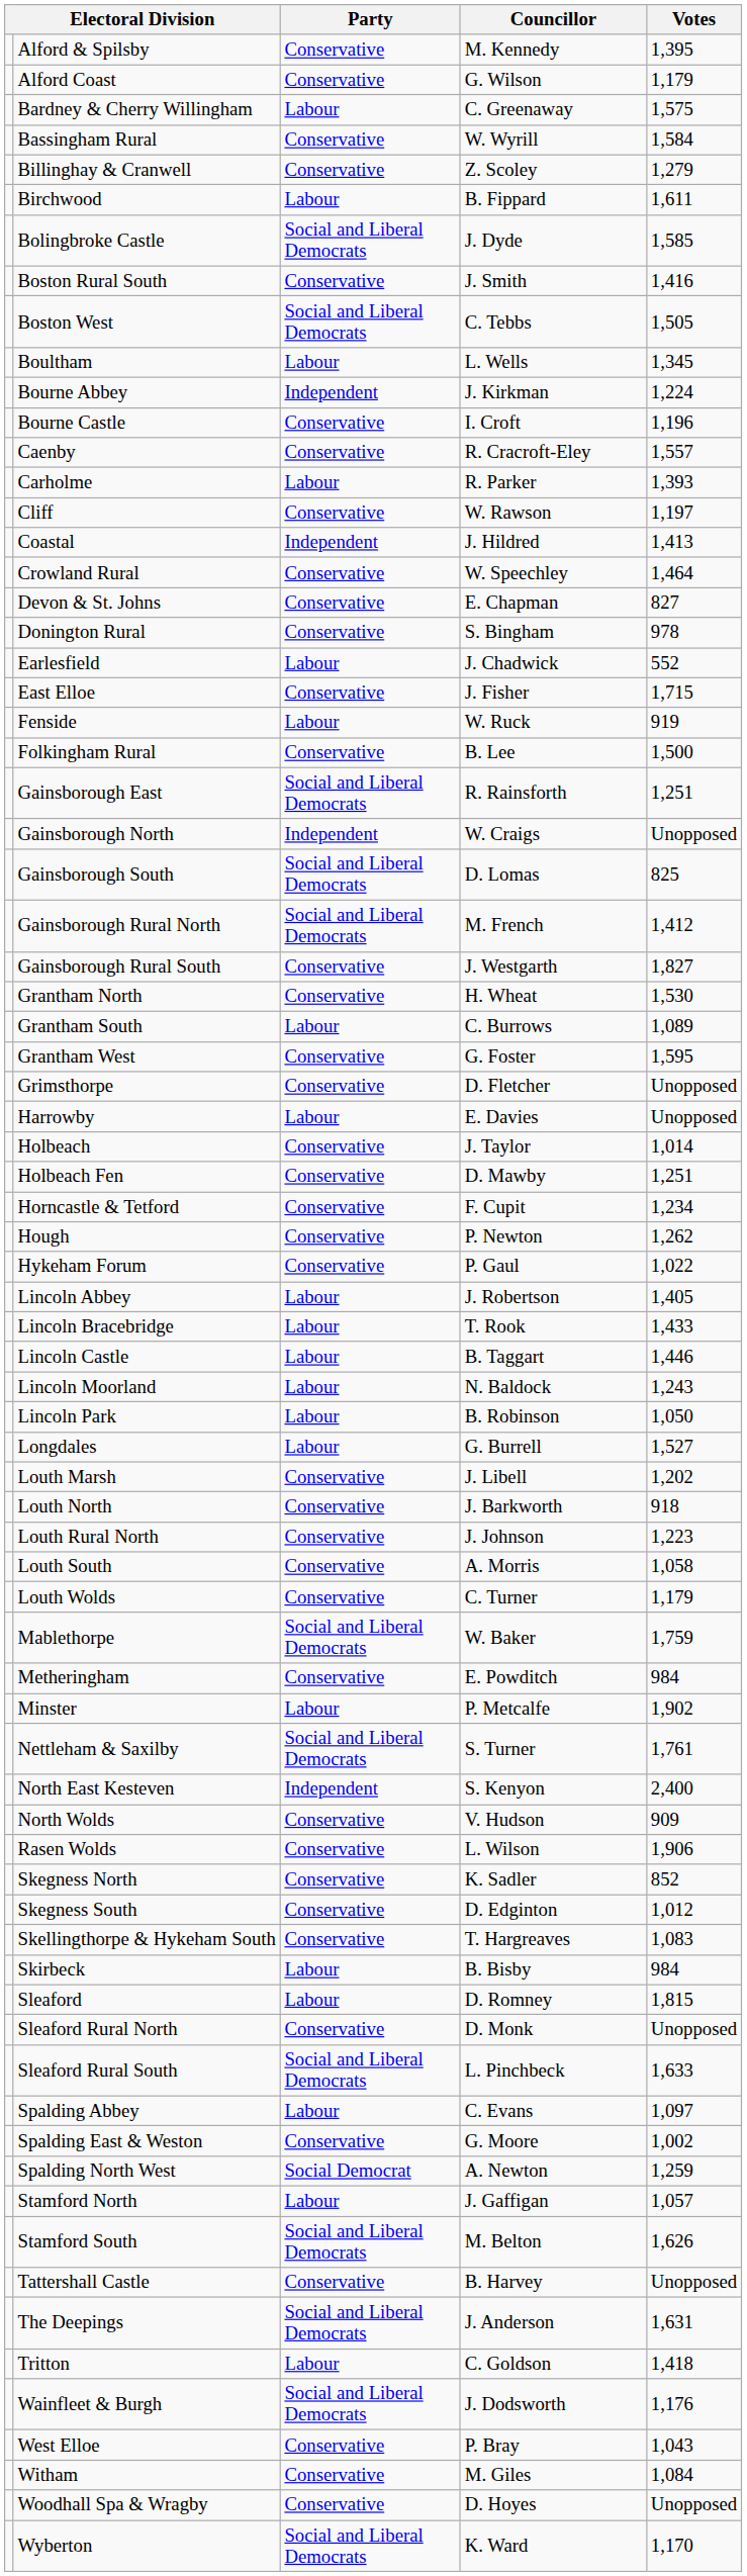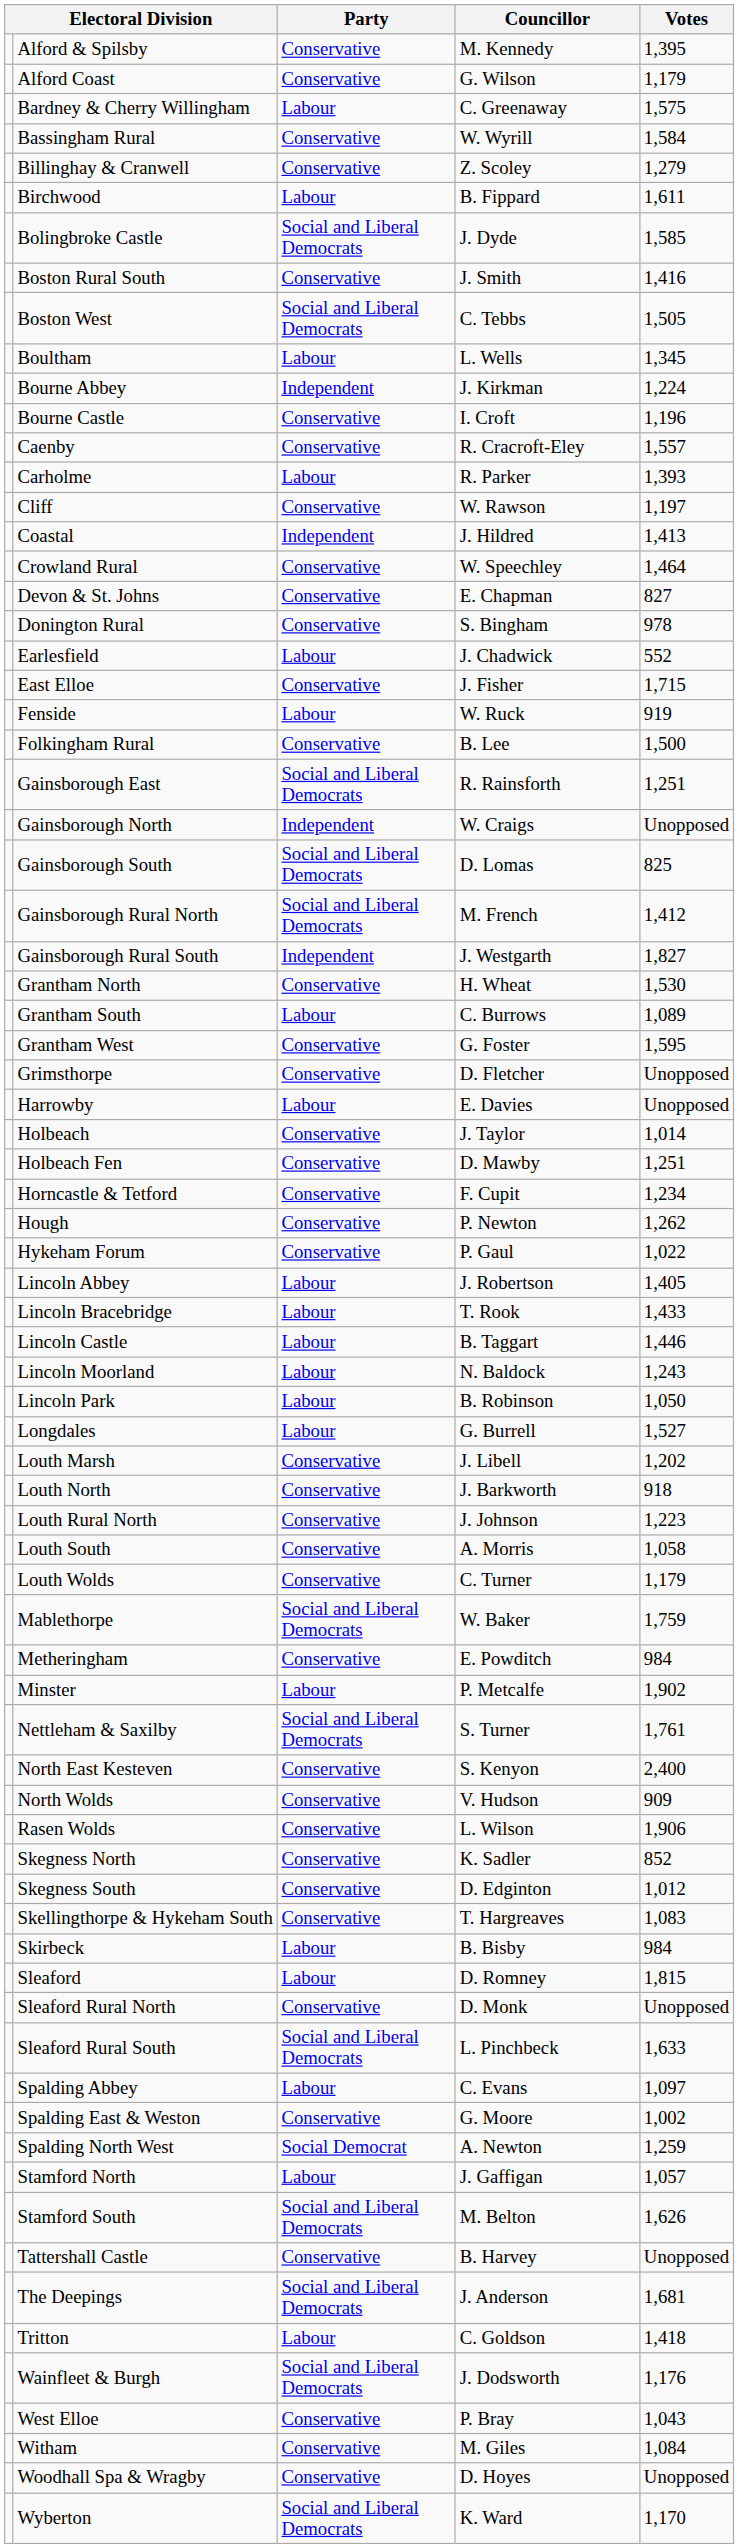 <table class="wikitable">
 <tr>
 <th colspan="2">Electoral Division</th>
 <th width="145px">Party</th>
 <th width="150px">Councillor</th>
 <th width="60px">Votes</th>
 </tr>
 <tr>
 <td style="color:inherit;background:"></td>
 <td>Alford & Spilsby</td>
 <td><a href='#'>Conservative</a></td>
 <td>M. Kennedy</td>
 <td>1,395</td>
 </tr>
 <tr>
 <td style="color:inherit;background:"></td>
 <td>Alford Coast</td>
 <td><a href='#'>Conservative</a></td>
 <td>G. Wilson</td>
 <td>1,179</td>
 </tr>
 <tr>
 <td style="color:inherit;background:"></td>
 <td>Bardney & Cherry Willingham</td>
 <td><a href='#'>Labour</a></td>
 <td>C. Greenaway</td>
 <td>1,575</td>
 </tr>
 <tr>
 <td style="color:inherit;background:"></td>
 <td>Bassingham Rural</td>
 <td><a href='#'>Conservative</a></td>
 <td>W. Wyrill</td>
 <td>1,584</td>
 </tr>
 <tr>
 <td style="color:inherit;background:"></td>
 <td>Billinghay & Cranwell</td>
 <td><a href='#'>Conservative</a></td>
 <td>Z. Scoley</td>
 <td>1,279</td>
 </tr>
 <tr>
 <td style="color:inherit;background:"></td>
 <td>Birchwood</td>
 <td><a href='#'>Labour</a></td>
 <td>B. Fippard</td>
 <td>1,611</td>
 </tr>
 <tr>
 <td style="color:inherit;background:"></td>
 <td>Bolingbroke Castle</td>
 <td><a href='#'>Social and Liberal Democrats</a></td>
 <td>J. Dyde</td>
 <td>1,585</td>
 </tr>
 <tr>
 <td style="color:inherit;background:"></td>
 <td>Boston Rural South</td>
 <td><a href='#'>Conservative</a></td>
 <td>J. Smith</td>
 <td>1,416</td>
 </tr>
 <tr>
 <td style="color:inherit;background:"></td>
 <td>Boston West</td>
 <td><a href='#'>Social and Liberal Democrats</a></td>
 <td>C. Tebbs</td>
 <td>1,505</td>
 </tr>
 <tr>
 <td style="color:inherit;background:"></td>
 <td>Boultham</td>
 <td><a href='#'>Labour</a></td>
 <td>L. Wells</td>
 <td>1,345</td>
 </tr>
 <tr>
 <td style="color:inherit;background:"></td>
 <td>Bourne Abbey</td>
 <td><a href='#'>Independent</a></td>
 <td>J. Kirkman</td>
 <td>1,224</td>
 </tr>
 <tr>
 <td style="color:inherit;background:"></td>
 <td>Bourne Castle</td>
 <td><a href='#'>Conservative</a></td>
 <td>I. Croft</td>
 <td>1,196</td>
 </tr>
 <tr>
 <td style="color:inherit;background:"></td>
 <td>Caenby</td>
 <td><a href='#'>Conservative</a></td>
 <td>R. Cracroft-Eley</td>
 <td>1,557</td>
 </tr>
 <tr>
 <td style="color:inherit;background:"></td>
 <td>Carholme</td>
 <td><a href='#'>Labour</a></td>
 <td>R. Parker</td>
 <td>1,393</td>
 </tr>
 <tr>
 <td style="color:inherit;background:"></td>
 <td>Cliff</td>
 <td><a href='#'>Conservative</a></td>
 <td>W. Rawson</td>
 <td>1,197</td>
 </tr>
 <tr>
 <td style="color:inherit;background:"></td>
 <td>Coastal</td>
 <td><a href='#'>Independent</a></td>
 <td>J. Hildred</td>
 <td>1,413</td>
 </tr>
 <tr>
 <td style="color:inherit;background:"></td>
 <td>Crowland Rural</td>
 <td><a href='#'>Conservative</a></td>
 <td>W. Speechley</td>
 <td>1,464</td>
 </tr>
 <tr>
 <td style="color:inherit;background:"></td>
 <td>Devon & St. Johns</td>
 <td><a href='#'>Conservative</a></td>
 <td>E. Chapman</td>
 <td>827</td>
 </tr>
 <tr>
 <td style="color:inherit;background:"></td>
 <td>Donington Rural</td>
 <td><a href='#'>Conservative</a></td>
 <td>S. Bingham</td>
 <td>978</td>
 </tr>
 <tr>
 <td style="color:inherit;background:"></td>
 <td>Earlesfield</td>
 <td><a href='#'>Labour</a></td>
 <td>J. Chadwick</td>
 <td>552</td>
 </tr>
 <tr>
 <td style="color:inherit;background:"></td>
 <td>East Elloe</td>
 <td><a href='#'>Conservative</a></td>
 <td>J. Fisher</td>
 <td>1,715</td>
 </tr>
 <tr>
 <td style="color:inherit;background:"></td>
 <td>Fenside</td>
 <td><a href='#'>Labour</a></td>
 <td>W. Ruck</td>
 <td>919</td>
 </tr>
 <tr>
 <td style="color:inherit;background:"></td>
 <td>Folkingham Rural</td>
 <td><a href='#'>Conservative</a></td>
 <td>B. Lee</td>
 <td>1,500</td>
 </tr>
 <tr>
 <td style="color:inherit;background:"></td>
 <td>Gainsborough East</td>
 <td><a href='#'>Social and Liberal Democrats</a></td>
 <td>R. Rainsforth</td>
 <td>1,251</td>
 </tr>
 <tr>
 <td style="color:inherit;background:"></td>
 <td>Gainsborough North</td>
 <td><a href='#'>Independent</a></td>
 <td>W. Craigs</td>
 <td>Unopposed</td>
 </tr>
 <tr>
 <td style="color:inherit;background:"></td>
 <td>Gainsborough South</td>
 <td><a href='#'>Social and Liberal Democrats</a></td>
 <td>D. Lomas</td>
 <td>825</td>
 </tr>
 <tr>
 <td style="color:inherit;background:"></td>
 <td>Gainsborough Rural North</td>
 <td><a href='#'>Social and Liberal Democrats</a></td>
 <td>M. French</td>
 <td>1,412</td>
 </tr>
 <tr>
 <td style="color:inherit;background:"></td>
 <td>Gainsborough Rural South</td>
-<td><a href='#'>Conservative</a></td>
+<td><a href='#'>Independent</a></td>
 <td>J. Westgarth</td>
 <td>1,827</td>
 </tr>
 <tr>
 <td style="color:inherit;background:"></td>
 <td>Grantham North</td>
 <td><a href='#'>Conservative</a></td>
 <td>H. Wheat</td>
 <td>1,530</td>
 </tr>
 <tr>
 <td style="color:inherit;background:"></td>
 <td>Grantham South</td>
 <td><a href='#'>Labour</a></td>
 <td>C. Burrows</td>
 <td>1,089</td>
 </tr>
 <tr>
 <td style="color:inherit;background:"></td>
 <td>Grantham West</td>
 <td><a href='#'>Conservative</a></td>
 <td>G. Foster</td>
 <td>1,595</td>
 </tr>
 <tr>
 <td style="color:inherit;background:"></td>
 <td>Grimsthorpe</td>
 <td><a href='#'>Conservative</a></td>
 <td>D. Fletcher</td>
 <td>Unopposed</td>
 </tr>
 <tr>
 <td style="color:inherit;background:"></td>
 <td>Harrowby</td>
 <td><a href='#'>Labour</a></td>
 <td>E. Davies</td>
 <td>Unopposed</td>
 </tr>
 <tr>
 <td style="color:inherit;background:"></td>
 <td>Holbeach</td>
 <td><a href='#'>Conservative</a></td>
 <td>J. Taylor</td>
 <td>1,014</td>
 </tr>
 <tr>
 <td style="color:inherit;background:"></td>
 <td>Holbeach Fen</td>
 <td><a href='#'>Conservative</a></td>
 <td>D. Mawby</td>
 <td>1,251</td>
 </tr>
 <tr>
 <td style="color:inherit;background:"></td>
 <td>Horncastle & Tetford</td>
 <td><a href='#'>Conservative</a></td>
 <td>F. Cupit</td>
 <td>1,234</td>
 </tr>
 <tr>
 <td style="color:inherit;background:"></td>
 <td>Hough</td>
 <td><a href='#'>Conservative</a></td>
 <td>P. Newton</td>
 <td>1,262</td>
 </tr>
 <tr>
 <td style="color:inherit;background:"></td>
 <td>Hykeham Forum</td>
 <td><a href='#'>Conservative</a></td>
 <td>P. Gaul</td>
 <td>1,022</td>
 </tr>
 <tr>
 <td style="color:inherit;background:"></td>
 <td>Lincoln Abbey</td>
 <td><a href='#'>Labour</a></td>
 <td>J. Robertson</td>
 <td>1,405</td>
 </tr>
 <tr>
 <td style="color:inherit;background:"></td>
 <td>Lincoln Bracebridge</td>
 <td><a href='#'>Labour</a></td>
 <td>T. Rook</td>
 <td>1,433</td>
 </tr>
 <tr>
 <td style="color:inherit;background:"></td>
 <td>Lincoln Castle</td>
 <td><a href='#'>Labour</a></td>
 <td>B. Taggart</td>
 <td>1,446</td>
 </tr>
 <tr>
 <td style="color:inherit;background:"></td>
 <td>Lincoln Moorland</td>
 <td><a href='#'>Labour</a></td>
 <td>N. Baldock</td>
 <td>1,243</td>
 </tr>
 <tr>
 <td style="color:inherit;background:"></td>
 <td>Lincoln Park</td>
 <td><a href='#'>Labour</a></td>
 <td>B. Robinson</td>
 <td>1,050</td>
 </tr>
 <tr>
 <td style="color:inherit;background:"></td>
 <td>Longdales</td>
 <td><a href='#'>Labour</a></td>
 <td>G. Burrell</td>
 <td>1,527</td>
 </tr>
 <tr>
 <td style="color:inherit;background:"></td>
 <td>Louth Marsh</td>
 <td><a href='#'>Conservative</a></td>
 <td>J. Libell</td>
 <td>1,202</td>
 </tr>
 <tr>
 <td style="color:inherit;background:"></td>
 <td>Louth North</td>
 <td><a href='#'>Conservative</a></td>
 <td>J. Barkworth</td>
 <td>918</td>
 </tr>
 <tr>
 <td style="color:inherit;background:"></td>
 <td>Louth Rural North</td>
 <td><a href='#'>Conservative</a></td>
 <td>J. Johnson</td>
 <td>1,223</td>
 </tr>
 <tr>
 <td style="color:inherit;background:"></td>
 <td>Louth South</td>
 <td><a href='#'>Conservative</a></td>
 <td>A. Morris</td>
 <td>1,058</td>
 </tr>
 <tr>
 <td style="color:inherit;background:"></td>
 <td>Louth Wolds</td>
 <td><a href='#'>Conservative</a></td>
 <td>C. Turner</td>
 <td>1,179</td>
 </tr>
 <tr>
 <td style="color:inherit;background:"></td>
 <td>Mablethorpe</td>
 <td><a href='#'>Social and Liberal Democrats</a></td>
 <td>W. Baker</td>
 <td>1,759</td>
 </tr>
 <tr>
 <td style="color:inherit;background:"></td>
 <td>Metheringham</td>
 <td><a href='#'>Conservative</a></td>
 <td>E. Powditch</td>
 <td>984</td>
 </tr>
 <tr>
 <td style="color:inherit;background:"></td>
 <td>Minster</td>
 <td><a href='#'>Labour</a></td>
 <td>P. Metcalfe</td>
 <td>1,902</td>
 </tr>
 <tr>
 <td style="color:inherit;background:"></td>
 <td>Nettleham & Saxilby</td>
 <td><a href='#'>Social and Liberal Democrats</a></td>
 <td>S. Turner</td>
 <td>1,761</td>
 </tr>
 <tr>
 <td style="color:inherit;background:"></td>
 <td>North East Kesteven</td>
-<td><a href='#'>Independent</a></td>
+<td><a href='#'>Conservative</a></td>
 <td>S. Kenyon</td>
 <td>2,400</td>
 </tr>
 <tr>
 <td style="color:inherit;background:"></td>
 <td>North Wolds</td>
 <td><a href='#'>Conservative</a></td>
 <td>V. Hudson</td>
 <td>909</td>
 </tr>
 <tr>
 <td style="color:inherit;background:"></td>
 <td>Rasen Wolds</td>
 <td><a href='#'>Conservative</a></td>
 <td>L. Wilson</td>
 <td>1,906</td>
 </tr>
 <tr>
 <td style="color:inherit;background:"></td>
 <td>Skegness North</td>
 <td><a href='#'>Conservative</a></td>
 <td>K. Sadler</td>
 <td>852</td>
 </tr>
 <tr>
 <td style="color:inherit;background:"></td>
 <td>Skegness South</td>
 <td><a href='#'>Conservative</a></td>
 <td>D. Edginton</td>
 <td>1,012</td>
 </tr>
 <tr>
 <td style="color:inherit;background:"></td>
 <td>Skellingthorpe & Hykeham South</td>
 <td><a href='#'>Conservative</a></td>
 <td>T. Hargreaves</td>
 <td>1,083</td>
 </tr>
 <tr>
 <td style="color:inherit;background:"></td>
 <td>Skirbeck</td>
 <td><a href='#'>Labour</a></td>
 <td>B. Bisby</td>
 <td>984</td>
 </tr>
 <tr>
 <td style="color:inherit;background:"></td>
 <td>Sleaford</td>
 <td><a href='#'>Labour</a></td>
 <td>D. Romney</td>
 <td>1,815</td>
 </tr>
 <tr>
 <td style="color:inherit;background:"></td>
 <td>Sleaford Rural North</td>
 <td><a href='#'>Conservative</a></td>
 <td>D. Monk</td>
 <td>Unopposed</td>
 </tr>
 <tr>
 <td style="color:inherit;background:"></td>
 <td>Sleaford Rural South</td>
 <td><a href='#'>Social and Liberal Democrats</a></td>
 <td>L. Pinchbeck</td>
 <td>1,633</td>
 </tr>
 <tr>
 <td style="color:inherit;background:"></td>
 <td>Spalding Abbey</td>
 <td><a href='#'>Labour</a></td>
 <td>C. Evans</td>
 <td>1,097</td>
 </tr>
 <tr>
 <td style="color:inherit;background:"></td>
 <td>Spalding East & Weston</td>
 <td><a href='#'>Conservative</a></td>
 <td>G. Moore</td>
 <td>1,002</td>
 </tr>
 <tr>
 <td style="color:inherit;background:"></td>
 <td>Spalding North West</td>
 <td><a href='#'>Social Democrat</a></td>
 <td>A. Newton</td>
 <td>1,259</td>
 </tr>
 <tr>
 <td style="color:inherit;background:"></td>
 <td>Stamford North</td>
 <td><a href='#'>Labour</a></td>
 <td>J. Gaffigan</td>
 <td>1,057</td>
 </tr>
 <tr>
 <td style="color:inherit;background:"></td>
 <td>Stamford South</td>
 <td><a href='#'>Social and Liberal Democrats</a></td>
 <td>M. Belton</td>
 <td>1,626</td>
 </tr>
 <tr>
 <td style="color:inherit;background:"></td>
 <td>Tattershall Castle</td>
 <td><a href='#'>Conservative</a></td>
 <td>B. Harvey</td>
 <td>Unopposed</td>
 </tr>
 <tr>
 <td style="color:inherit;background:"></td>
 <td>The Deepings</td>
 <td><a href='#'>Social and Liberal Democrats</a></td>
 <td>J. Anderson</td>
-<td>1,631</td>
+<td>1,681</td>
 </tr>
 <tr>
 <td style="color:inherit;background:"></td>
 <td>Tritton</td>
 <td><a href='#'>Labour</a></td>
 <td>C. Goldson</td>
 <td>1,418</td>
 </tr>
 <tr>
 <td style="color:inherit;background:"></td>
 <td>Wainfleet & Burgh</td>
 <td><a href='#'>Social and Liberal Democrats</a></td>
 <td>J. Dodsworth</td>
 <td>1,176</td>
 </tr>
 <tr>
 <td style="color:inherit;background:"></td>
 <td>West Elloe</td>
 <td><a href='#'>Conservative</a></td>
 <td>P. Bray</td>
 <td>1,043</td>
 </tr>
 <tr>
 <td style="color:inherit;background:"></td>
 <td>Witham</td>
 <td><a href='#'>Conservative</a></td>
 <td>M. Giles</td>
 <td>1,084</td>
 </tr>
 <tr>
 <td style="color:inherit;background:"></td>
 <td>Woodhall Spa & Wragby</td>
 <td><a href='#'>Conservative</a></td>
 <td>D. Hoyes</td>
 <td>Unopposed</td>
 </tr>
 <tr>
 <td style="color:inherit;background:"></td>
 <td>Wyberton</td>
 <td><a href='#'>Social and Liberal Democrats</a></td>
 <td>K. Ward</td>
 <td>1,170</td>
 </tr>
 </table>
